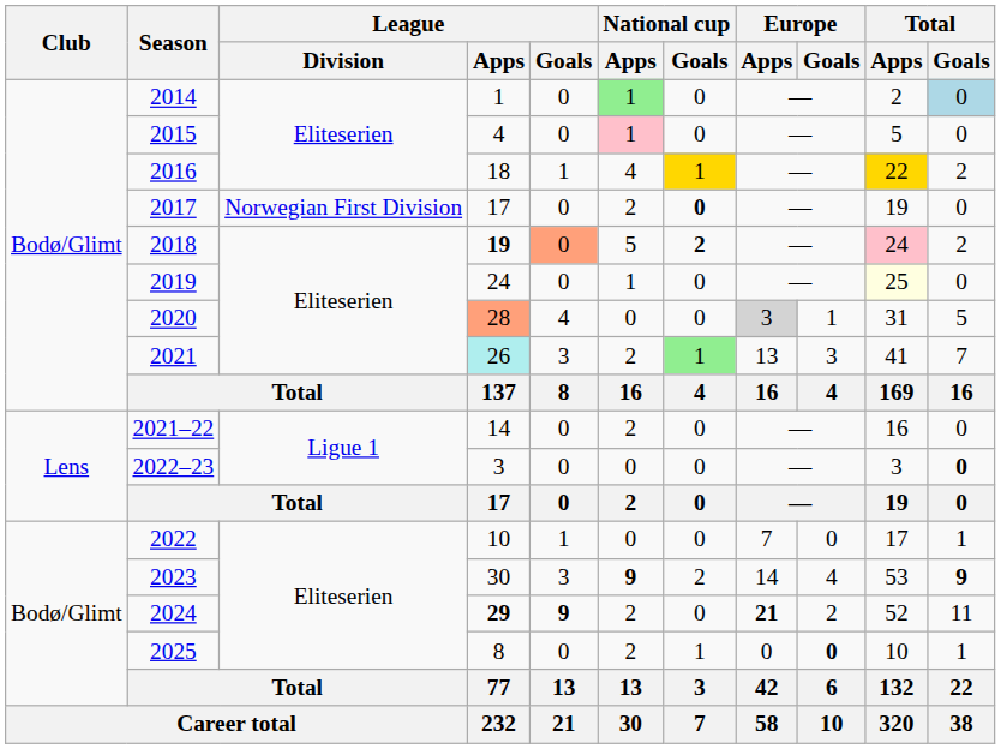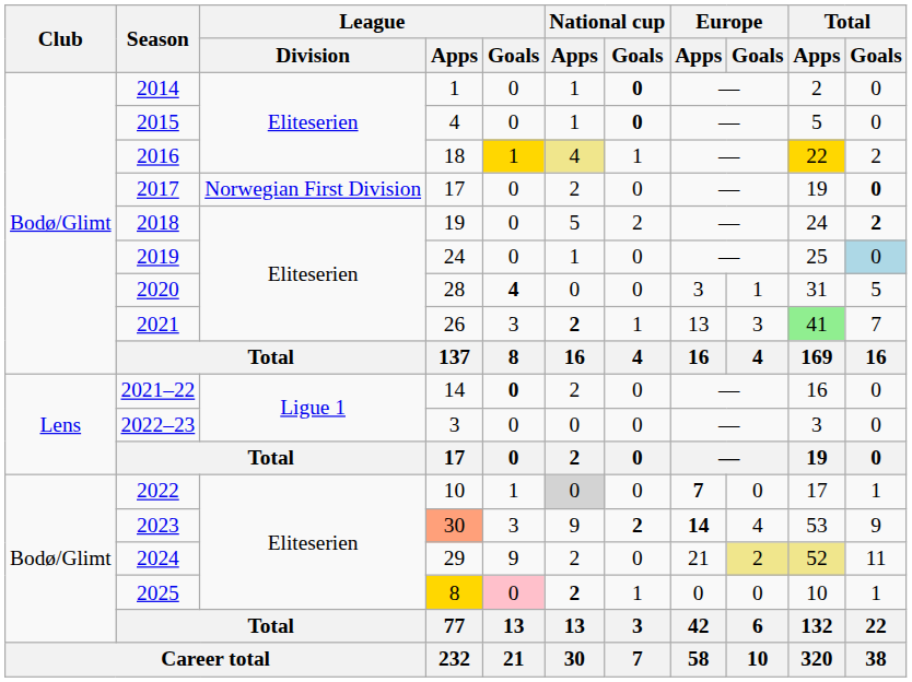 <table class="wikitable" style="text-align:center">
 <tr>
 <th rowspan="2">Club</th>
 <th rowspan="2">Season</th>
 <th colspan="3">League</th>
 <th colspan="2">National cup</th>
 <th colspan="2">Europe</th>
 <th colspan="2">Total</th>
 </tr>
 <tr>
 <th>Division</th>
 <th>Apps</th>
 <th>Goals</th>
 <th>Apps</th>
 <th>Goals</th>
 <th>Apps</th>
 <th>Goals</th>
 <th>Apps</th>
 <th>Goals</th>
 </tr>
 <tr>
 <td rowspan="9"><a href='#'>Bodø/Glimt</a></td>
 <td><a href='#'>2014</a></td>
 <td rowspan="3"><a href='#'>Eliteserien</a></td>
 <td>1</td>
 <td>0</td>
-<td style="background: lightgreen;">1</td>
-<td>0</td>
+<td>1</td>
+<td><strong>0</strong></td>
 <td colspan="2">—</td>
 <td>2</td>
-<td style="background: lightblue;">0</td>
+<td>0</td>
 </tr>
 <tr>
 <td><a href='#'>2015</a></td>
 <td>4</td>
 <td>0</td>
-<td style="background: pink;">1</td>
-<td>0</td>
+<td>1</td>
+<td><strong>0</strong></td>
 <td colspan="2">—</td>
 <td>5</td>
 <td>0</td>
 </tr>
 <tr>
 <td><a href='#'>2016</a></td>
 <td>18</td>
+<td style="background: gold;">1</td>
+<td style="background: khaki;">4</td>
 <td>1</td>
-<td>4</td>
-<td style="background: gold;">1</td>
 <td colspan="2">—</td>
 <td style="background: gold;">22</td>
 <td>2</td>
 </tr>
 <tr>
 <td><a href='#'>2017</a></td>
 <td><a href='#'>Norwegian First Division</a></td>
 <td>17</td>
 <td>0</td>
 <td>2</td>
-<td><strong>0</strong></td>
+<td>0</td>
 <td colspan="2">—</td>
 <td>19</td>
-<td>0</td>
+<td><strong>0</strong></td>
 </tr>
 <tr>
 <td><a href='#'>2018</a></td>
 <td rowspan="4">Eliteserien</td>
-<td><strong>19</strong></td>
-<td style="background: lightsalmon;">0</td>
+<td>19</td>
+<td>0</td>
 <td>5</td>
+<td>2</td>
+<td colspan="2">—</td>
+<td>24</td>
 <td><strong>2</strong></td>
-<td colspan="2">—</td>
-<td style="background: pink;">24</td>
-<td>2</td>
 </tr>
 <tr>
 <td><a href='#'>2019</a></td>
 <td>24</td>
 <td>0</td>
 <td>1</td>
 <td>0</td>
 <td colspan="2">—</td>
-<td style="background: lightyellow;">25</td>
-<td>0</td>
+<td>25</td>
+<td style="background: lightblue;">0</td>
 </tr>
 <tr>
 <td><a href='#'>2020</a></td>
-<td style="background: lightsalmon;">28</td>
-<td>4</td>
+<td>28</td>
+<td><strong>4</strong></td>
 <td>0</td>
 <td>0</td>
-<td style="background: lightgrey;">3</td>
+<td>3</td>
 <td>1</td>
 <td>31</td>
 <td>5</td>
 </tr>
 <tr>
 <td><a href='#'>2021</a></td>
-<td style="background: paleturquoise;">26</td>
+<td>26</td>
 <td>3</td>
-<td>2</td>
-<td style="background: lightgreen;">1</td>
+<td><strong>2</strong></td>
+<td>1</td>
 <td>13</td>
 <td>3</td>
-<td>41</td>
+<td style="background: lightgreen;">41</td>
 <td>7</td>
 </tr>
 <tr>
 <th colspan="2">Total</th>
 <th>137</th>
 <th>8</th>
 <th>16</th>
 <th>4</th>
 <th>16</th>
 <th>4</th>
 <th>169</th>
 <th>16</th>
 </tr>
 <tr>
 <td rowspan="3"><a href='#'>Lens</a></td>
 <td><a href='#'>2021–22</a></td>
 <td rowspan="2"><a href='#'>Ligue 1</a></td>
 <td>14</td>
-<td>0</td>
+<td><strong>0</strong></td>
 <td>2</td>
 <td>0</td>
 <td colspan="2">—</td>
 <td>16</td>
 <td>0</td>
 </tr>
 <tr>
 <td><a href='#'>2022–23</a></td>
 <td>3</td>
 <td>0</td>
 <td>0</td>
 <td>0</td>
 <td colspan="2">—</td>
 <td>3</td>
-<td><strong>0</strong></td>
+<td>0</td>
 </tr>
 <tr>
 <th colspan="2">Total</th>
 <th>17</th>
 <th>0</th>
 <th>2</th>
 <th>0</th>
 <th colspan="2">—</th>
 <th>19</th>
 <th>0</th>
 </tr>
 <tr>
 <td rowspan="5">Bodø/Glimt</td>
 <td><a href='#'>2022</a></td>
 <td rowspan="4">Eliteserien</td>
 <td>10</td>
 <td>1</td>
+<td style="background: lightgrey;">0</td>
 <td>0</td>
-<td>0</td>
-<td>7</td>
+<td><strong>7</strong></td>
 <td>0</td>
 <td>17</td>
 <td>1</td>
 </tr>
 <tr>
 <td><a href='#'>2023</a></td>
-<td>30</td>
+<td style="background: lightsalmon;">30</td>
 <td>3</td>
-<td><strong>9</strong></td>
-<td>2</td>
-<td>14</td>
+<td>9</td>
+<td><strong>2</strong></td>
+<td><strong>14</strong></td>
 <td>4</td>
 <td>53</td>
-<td><strong>9</strong></td>
+<td>9</td>
 </tr>
 <tr>
 <td><a href='#'>2024</a></td>
-<td><strong>29</strong></td>
-<td><strong>9</strong></td>
+<td>29</td>
+<td>9</td>
 <td>2</td>
 <td>0</td>
-<td><strong>21</strong></td>
-<td>2</td>
-<td>52</td>
+<td>21</td>
+<td style="background: khaki;">2</td>
+<td style="background: khaki;">52</td>
 <td>11</td>
 </tr>
 <tr>
 <td><a href='#'>2025</a></td>
-<td>8</td>
-<td>0</td>
-<td>2</td>
+<td style="background: gold;">8</td>
+<td style="background: pink;">0</td>
+<td><strong>2</strong></td>
 <td>1</td>
 <td>0</td>
-<td><strong>0</strong></td>
+<td>0</td>
 <td>10</td>
 <td>1</td>
 </tr>
 <tr>
 <th colspan="2">Total</th>
 <th>77</th>
 <th>13</th>
 <th>13</th>
 <th>3</th>
 <th>42</th>
 <th>6</th>
 <th>132</th>
 <th>22</th>
 </tr>
 <tr>
 <th colspan="3">Career total</th>
 <th>232</th>
 <th>21</th>
 <th>30</th>
 <th>7</th>
 <th>58</th>
 <th>10</th>
 <th>320</th>
 <th>38</th>
 </tr>
 </table>
